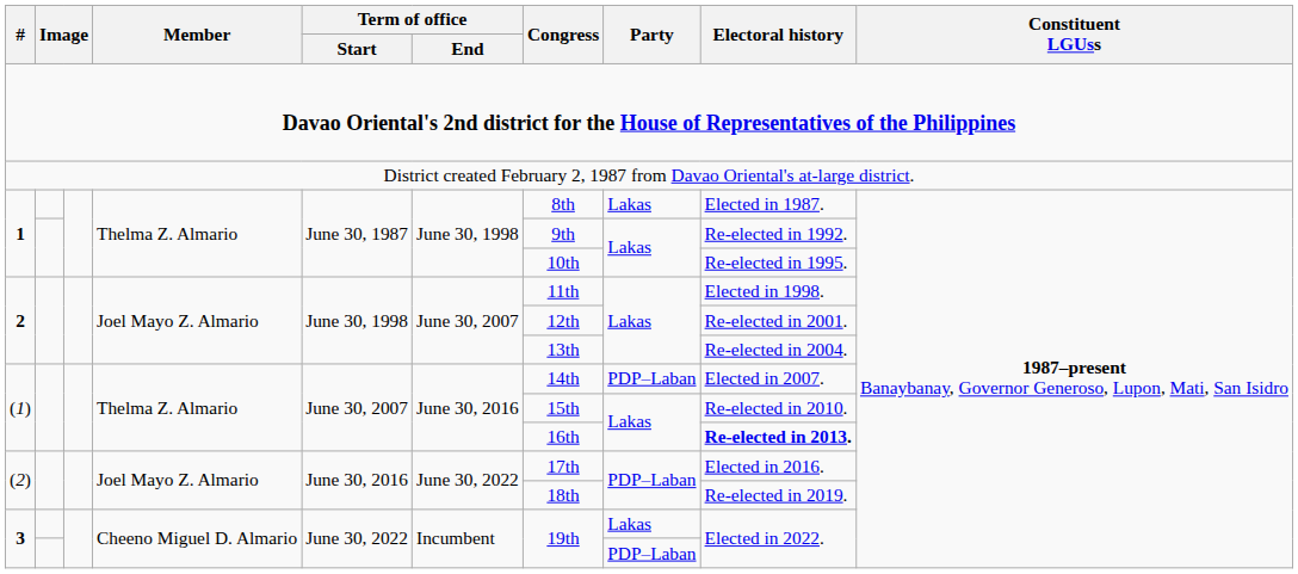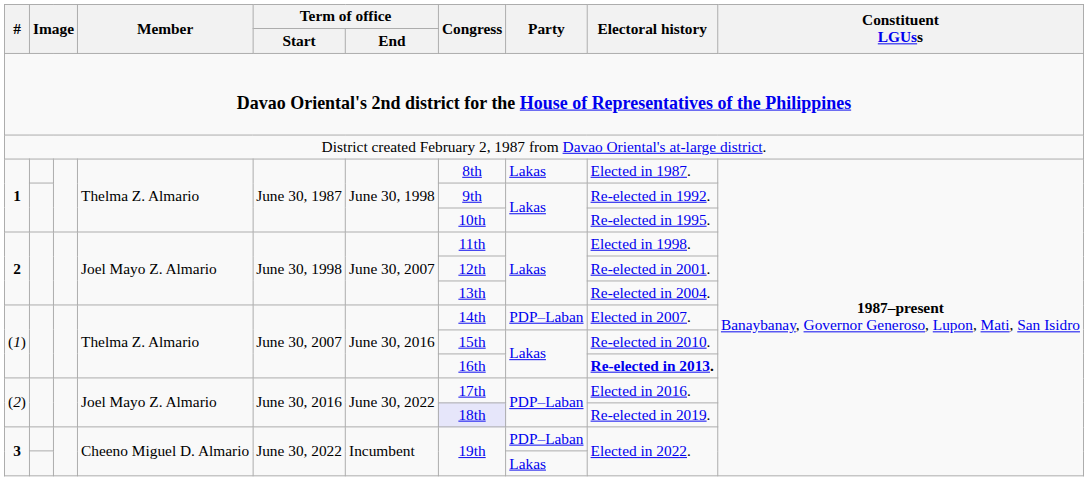 <table class=wikitable>
 <tr>
 <th rowspan="2">#</th>
 <th rowspan="2" colspan=2>Image</th>
 <th rowspan="2">Member</th>
 <th colspan=2>Term of office</th>
 <th rowspan="2">Congress</th>
 <th rowspan="2">Party</th>
 <th rowspan="2">Electoral history</th>
 <th rowspan="2">Constituent<br><a href='#'>LGUs</a>s</th>
 </tr>
 <tr>
 <th>Start</th>
 <th>End</th>
 </tr>
 <tr>
 <td colspan="10" style="text-align:center;"><br><h3>Davao Oriental's 2nd district for the <a href='#'>House of Representatives of the Philippines</a></h3></td>
 </tr>
 <tr>
 <td colspan="10" style="text-align:center;">District created February 2, 1987 from <a href='#'>Davao Oriental's at-large district</a>.</td>
 </tr>
 <tr>
 <td rowspan="3" style="text-align:center;"><strong>1</strong></td>
 <td style="color:inherit;background:"></td>
 <td rowspan="3"></td>
 <td rowspan="3">Thelma Z. Almario</td>
 <td rowspan="3">June 30, 1987</td>
 <td rowspan="3">June 30, 1998</td>
 <td style="text-align:center;"><a href='#'>8th</a></td>
 <td><a href='#'>Lakas</a></td>
 <td><a href='#'>Elected in 1987</a>.</td>
 <td rowspan=99 style="text-align:center;"><strong>1987–present</strong><br><a href='#'>Banaybanay</a>, <a href='#'>Governor Generoso</a>, <a href='#'>Lupon</a>, <a href='#'>Mati</a>, <a href='#'>San Isidro</a></td>
 </tr>
 <tr>
 <td rowspan="2" style="color:inherit;background:"></td>
 <td style="text-align:center;"><a href='#'>9th</a></td>
 <td rowspan="2"><a href='#'>Lakas</a></td>
 <td><a href='#'>Re-elected in 1992</a>.</td>
 </tr>
 <tr>
 <td style="text-align:center;"><a href='#'>10th</a></td>
 <td><a href='#'>Re-elected in 1995</a>.</td>
 </tr>
 <tr>
 <td rowspan="3" style="text-align:center;"><strong>2</strong></td>
 <td rowspan="3" style="color:inherit;background:"></td>
 <td rowspan="3"></td>
 <td rowspan="3">Joel Mayo Z. Almario</td>
 <td rowspan="3">June 30, 1998</td>
 <td rowspan="3">June 30, 2007</td>
 <td style="text-align:center;"><a href='#'>11th</a></td>
 <td rowspan="3"><a href='#'>Lakas</a></td>
 <td><a href='#'>Elected in 1998</a>.</td>
 </tr>
 <tr>
 <td style="text-align:center;"><a href='#'>12th</a></td>
 <td><a href='#'>Re-elected in 2001</a>.</td>
 </tr>
 <tr>
 <td style="text-align:center;"><a href='#'>13th</a></td>
 <td><a href='#'>Re-elected in 2004</a>.</td>
 </tr>
 <tr>
 <td rowspan="3" style="text-align:center;">(<em>1</em>)</td>
 <td rowspan="3" style="color:inherit;background:"></td>
 <td rowspan="3"></td>
 <td rowspan="3">Thelma Z. Almario</td>
 <td rowspan="3">June 30, 2007</td>
 <td rowspan="3">June 30, 2016</td>
 <td style="text-align:center;"><a href='#'>14th</a></td>
 <td><a href='#'>PDP–Laban</a></td>
 <td><a href='#'>Elected in 2007</a>.</td>
 </tr>
 <tr>
 <td style="text-align:center;"><a href='#'>15th</a></td>
 <td rowspan="2"><a href='#'>Lakas</a></td>
 <td><a href='#'>Re-elected in 2010</a>.</td>
 </tr>
 <tr>
 <td style="text-align:center;"><a href='#'>16th</a></td>
 <td><strong><a href='#'>Re-elected in 2013</a>.</strong></td>
 </tr>
 <tr>
 <td rowspan="2" style="text-align:center;">(<em>2</em>)</td>
 <td rowspan="2" style="color:inherit;background:"></td>
 <td rowspan="2"></td>
 <td rowspan="2">Joel Mayo Z. Almario</td>
 <td rowspan="2">June 30, 2016</td>
 <td rowspan="2">June 30, 2022</td>
 <td style="text-align:center;"><a href='#'>17th</a></td>
 <td rowspan="2"><a href='#'>PDP–Laban</a></td>
 <td><a href='#'>Elected in 2016</a>.</td>
 </tr>
 <tr>
-<td style="text-align:center;"><a href='#'>18th</a></td>
+<td style="background: lavender; text-align:center;"><a href='#'>18th</a></td>
 <td><a href='#'>Re-elected in 2019</a>.</td>
 </tr>
 <tr>
 <td style="text-align:center;" rowspan="2"><strong>3</strong></td>
 <td style="color:inherit;background:"></td>
 <td rowspan="2"></td>
 <td rowspan="2">Cheeno Miguel D. Almario</td>
 <td rowspan="2">June 30, 2022</td>
 <td rowspan="2">Incumbent</td>
 <td style="text-align:center;" rowspan="2"><a href='#'>19th</a></td>
-<td><a href='#'>Lakas</a></td>
+<td><a href='#'>PDP–Laban</a></td>
 <td rowspan="2"><a href='#'>Elected in 2022</a>.</td>
 </tr>
 <tr>
 <td style="color:inherit;background:"></td>
-<td><a href='#'>PDP–Laban</a></td>
+<td><a href='#'>Lakas</a></td>
 </tr>
 </table>
